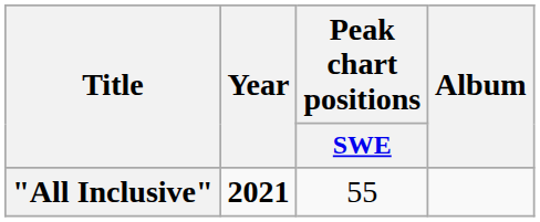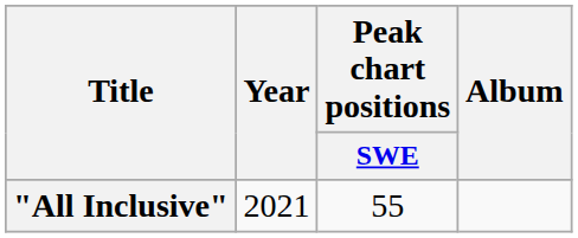 <table class="wikitable plainrowheaders" style="text-align:center;">
 <tr>
 <th scope="col" rowspan="2">Title</th>
 <th scope="col" rowspan="2">Year</th>
 <th scope="col" colspan="1">Peak chart positions</th>
 <th scope="col" rowspan="2">Album</th>
 </tr>
 <tr>
 <th scope="col" style="width:3em;font-size:85%;"><a href='#'>SWE</a><br></th>
 </tr>
 <tr>
 <th scope="row">"All Inclusive"</th>
-<td><strong>2021</strong></td>
+<td>2021</td>
 <td>55</td>
 <td></td>
 </tr>
 </table>
